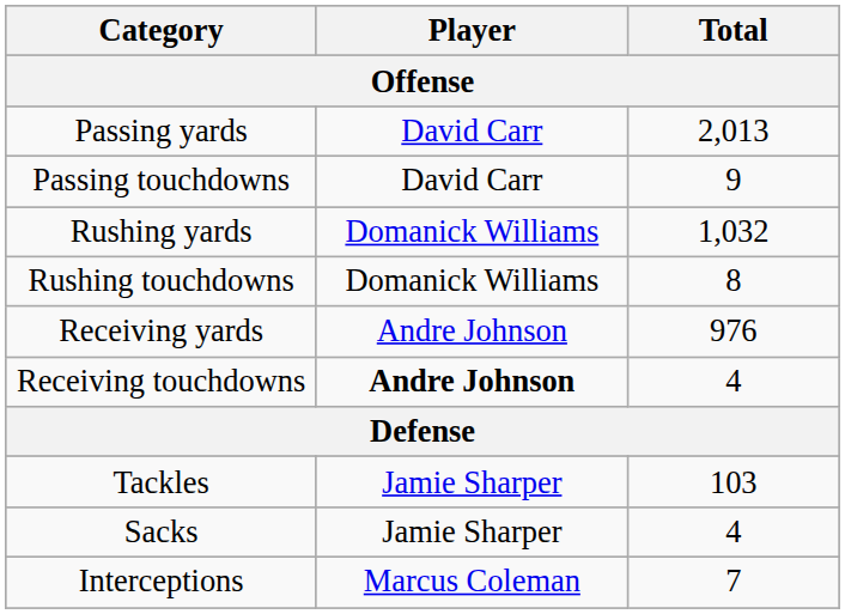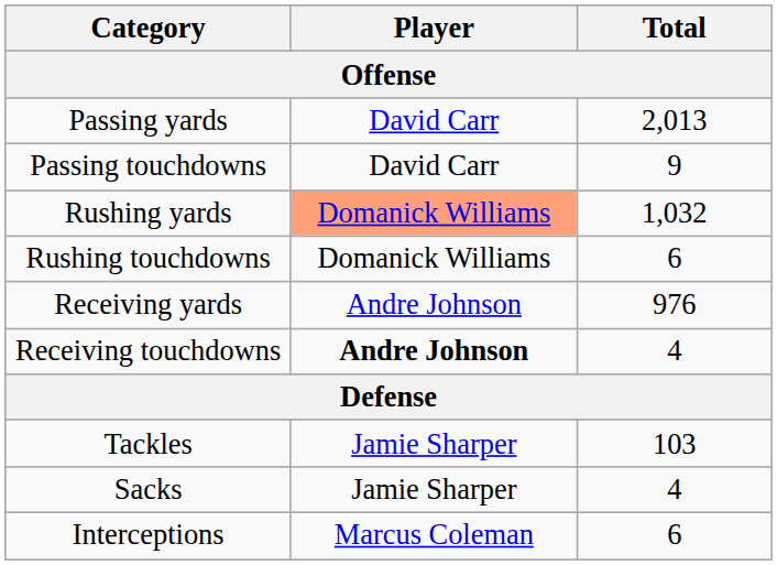 <table class="wikitable" style="text-align:center">
 <tr>
 <th width="150">Category</th>
 <th width="150">Player</th>
 <th width="100">Total</th>
 </tr>
 <tr>
 <th align="center" colspan="4">Offense</th>
 </tr>
 <tr>
 <td>Passing yards</td>
 <td><a href='#'>David Carr</a></td>
 <td>2,013</td>
 </tr>
 <tr>
 <td>Passing touchdowns</td>
 <td>David Carr</td>
 <td>9</td>
 </tr>
 <tr>
 <td>Rushing yards</td>
-<td><a href='#'>Domanick Williams</a></td>
+<td style="background: lightsalmon;"><a href='#'>Domanick Williams</a></td>
 <td>1,032</td>
 </tr>
 <tr>
 <td>Rushing touchdowns</td>
 <td>Domanick Williams</td>
-<td>8</td>
+<td>6</td>
 </tr>
 <tr>
 <td>Receiving yards</td>
 <td><a href='#'>Andre Johnson</a></td>
 <td>976</td>
 </tr>
 <tr>
 <td>Receiving touchdowns</td>
 <td><strong>Andre Johnson</strong></td>
 <td>4</td>
 </tr>
 <tr>
 <th align="center" colspan="4">Defense</th>
 </tr>
 <tr>
 <td>Tackles </td>
 <td><a href='#'>Jamie Sharper</a></td>
 <td>103</td>
 </tr>
 <tr>
 <td>Sacks</td>
 <td>Jamie Sharper</td>
 <td>4</td>
 </tr>
 <tr>
 <td>Interceptions</td>
 <td><a href='#'>Marcus Coleman</a></td>
-<td>7</td>
+<td>6</td>
 </tr>
 </table>
